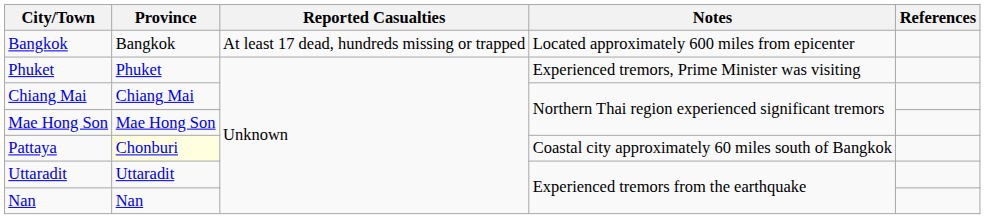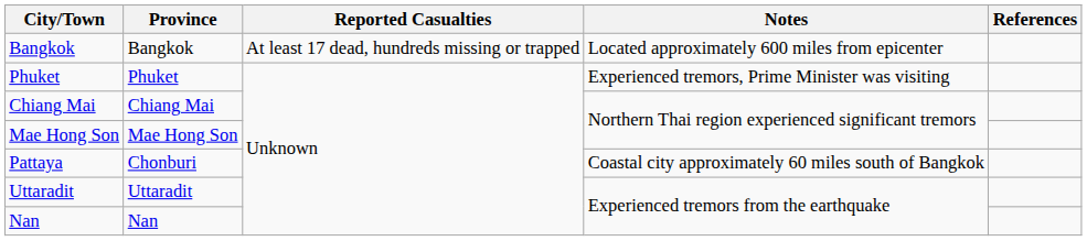 <table class="wikitable">
 <tr>
 <th>City/Town</th>
 <th>Province</th>
 <th>Reported Casualties</th>
 <th>Notes</th>
 <th>References</th>
 </tr>
 <tr>
 <td><a href='#'>Bangkok</a></td>
 <td>Bangkok</td>
 <td>At least 17 dead, hundreds missing or trapped</td>
 <td>Located approximately 600 miles from epicenter</td>
 <td></td>
 </tr>
 <tr>
 <td><a href='#'>Phuket</a></td>
 <td><a href='#'>Phuket</a></td>
 <td rowspan="6">Unknown</td>
 <td>Experienced tremors, Prime Minister was visiting</td>
 <td></td>
 </tr>
 <tr>
 <td><a href='#'>Chiang Mai</a></td>
 <td><a href='#'>Chiang Mai</a></td>
 <td rowspan="2">Northern Thai region experienced significant tremors</td>
 <td></td>
 </tr>
 <tr>
 <td><a href='#'>Mae Hong Son</a></td>
 <td><a href='#'>Mae Hong Son</a></td>
 <td></td>
 </tr>
 <tr>
 <td><a href='#'>Pattaya</a></td>
-<td style="background: lightyellow;"><a href='#'>Chonburi</a></td>
+<td><a href='#'>Chonburi</a></td>
 <td>Coastal city approximately 60 miles south of Bangkok</td>
 <td></td>
 </tr>
 <tr>
 <td><a href='#'>Uttaradit</a></td>
 <td><a href='#'>Uttaradit</a></td>
 <td rowspan="2">Experienced tremors from the earthquake</td>
 <td></td>
 </tr>
 <tr>
 <td><a href='#'>Nan</a></td>
 <td><a href='#'>Nan</a></td>
 <td></td>
 </tr>
 </table>
